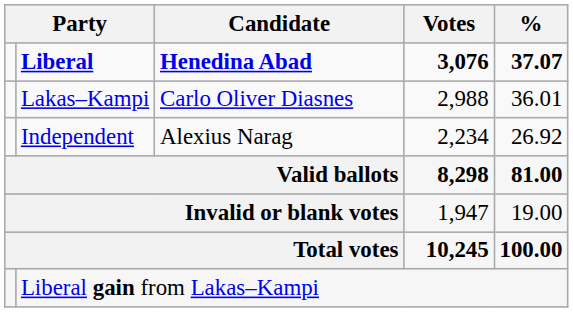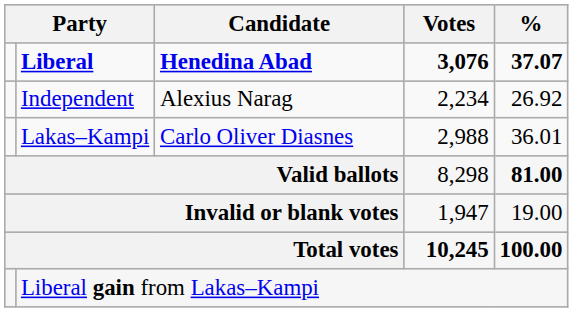 <table class="wikitable" style="font-size:90%; text-align:right;">
 <tr>
 <th colspan="2" style="width:75px;">Party</th>
 <th style="width:150px;">Candidate</th>
 <th style="width:50px;">Votes</th>
 <th style="width:10px;">%</th>
 </tr>
 <tr>
 <td style="background:"></td>
 <td style="text-align:left;"><strong><a href='#'>Liberal</a></strong></td>
 <td style="text-align:left;"><strong><a href='#'>Henedina Abad</a></strong></td>
 <td><strong>3,076</strong></td>
 <td><strong>37.07</strong></td>
 </tr>
 <tr>
 <td style="background:"></td>
+<td style="text-align:left;"><a href='#'>Independent</a></td>
+<td style="text-align:left;">Alexius Narag</td>
+<td>2,234</td>
+<td>26.92</td>
+</tr>
+<tr>
+<td style="background:"></td>
 <td style="text-align:left;"><a href='#'>Lakas–Kampi</a></td>
 <td style="text-align:left;"><a href='#'>Carlo Oliver Diasnes</a></td>
 <td>2,988</td>
 <td>36.01</td>
 </tr>
-<tr>
-<td style="background:"></td>
-<td style="text-align:left;"><a href='#'>Independent</a></td>
-<td style="text-align:left;">Alexius Narag</td>
-<td>2,234</td>
-<td>26.92</td>
-</tr>
 <tr style="background-color:#F6F6F6">
 <th colspan="3" style="text-align:right;">Valid ballots</th>
-<td><strong>8,298</strong></td>
+<td>8,298</td>
 <td><strong>81.00</strong></td>
 </tr>
 <tr style="background-color:#F6F6F6">
 <th colspan="3" style="text-align:right;">Invalid or blank votes</th>
 <td>1,947</td>
 <td>19.00</td>
 </tr>
 <tr style="background-color:#F6F6F6">
 <th colspan="3" style="text-align:right;">Total votes</th>
 <td><strong>10,245</strong></td>
 <td><strong>100.00</strong></td>
 </tr>
 <tr style="background-color:#F6F6F6">
 <td style="background:"></td>
 <td colspan="4" style="text-align:left;"><a href='#'>Liberal</a> <strong>gain</strong> from <a href='#'>Lakas–Kampi</a></td>
 </tr>
 </table>
